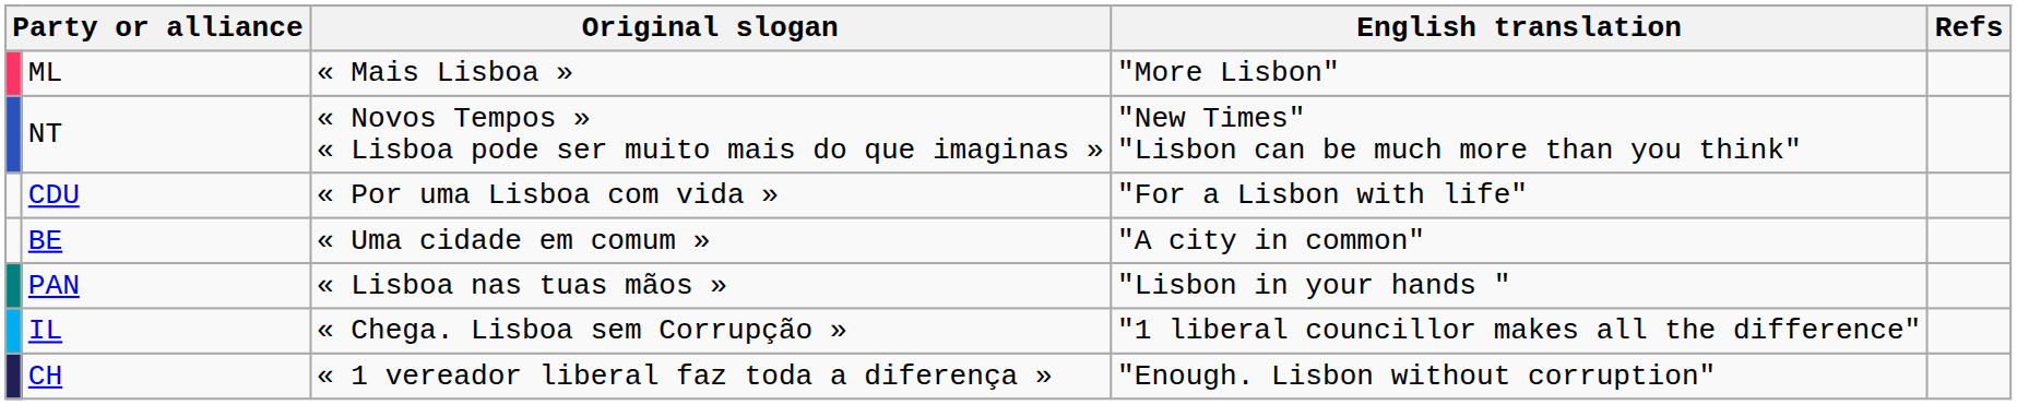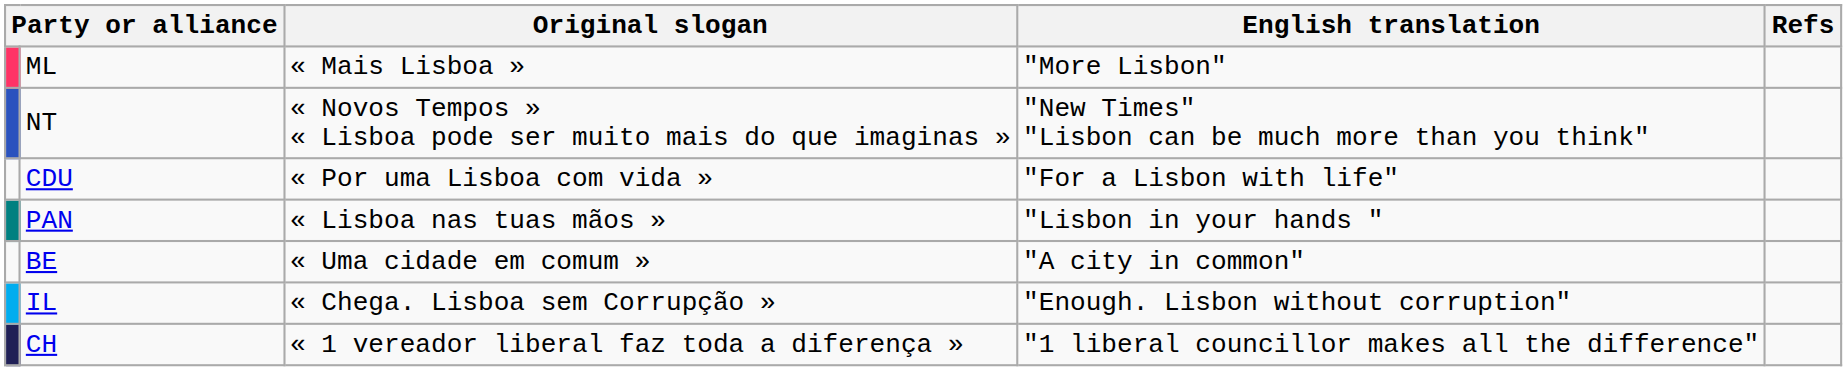 <table class="wikitable" style="font-size:97%; text-align:left;">
 <tr>
 <th style="text-align:left;" colspan="2">Party or alliance</th>
 <th>Original slogan</th>
 <th>English translation</th>
 <th>Refs</th>
 </tr>
 <tr>
 <td width="1" style="color:inherit;background:#FF3366"></td>
 <td>ML</td>
 <td>« Mais Lisboa »</td>
 <td>"More Lisbon"</td>
 <td></td>
 </tr>
 <tr>
 <td bgcolor="#2A52BE"></td>
 <td>NT</td>
 <td>« Novos Tempos »<br>« Lisboa pode ser muito mais do que imaginas »</td>
 <td>"New Times"<br>"Lisbon can be much more than you think"</td>
 <td></td>
 </tr>
 <tr>
 <td style="color:inherit;background:"></td>
 <td><a href='#'>CDU</a></td>
 <td>« Por uma Lisboa com vida »</td>
 <td>"For a Lisbon with life"</td>
 <td></td>
 </tr>
 <tr>
+<td style="background:teal;"></td>
+<td><a href='#'>PAN</a></td>
+<td>« Lisboa nas tuas mãos »</td>
+<td>"Lisbon in your hands "</td>
+<td></td>
+</tr>
+<tr>
 <td style="color:inherit;background:"></td>
 <td><a href='#'>BE</a></td>
 <td>« Uma cidade em comum »</td>
 <td>"A city in common"</td>
 <td></td>
 </tr>
 <tr>
-<td style="background:teal;"></td>
-<td><a href='#'>PAN</a></td>
-<td>« Lisboa nas tuas mãos »</td>
-<td>"Lisbon in your hands "</td>
-<td></td>
-</tr>
-<tr>
 <td style="background:#00ADEF;"></td>
 <td><a href='#'>IL</a></td>
 <td>« Chega. Lisboa sem Corrupção »</td>
-<td>"1 liberal councillor makes all the difference"</td>
+<td>"Enough. Lisbon without corruption"</td>
 <td></td>
 </tr>
 <tr>
 <td style="background:#202056;"></td>
 <td><a href='#'>CH</a></td>
 <td>« 1 vereador liberal faz toda a diferença »</td>
-<td>"Enough. Lisbon without corruption"</td>
+<td>"1 liberal councillor makes all the difference"</td>
 <td></td>
 </tr>
 </table>
